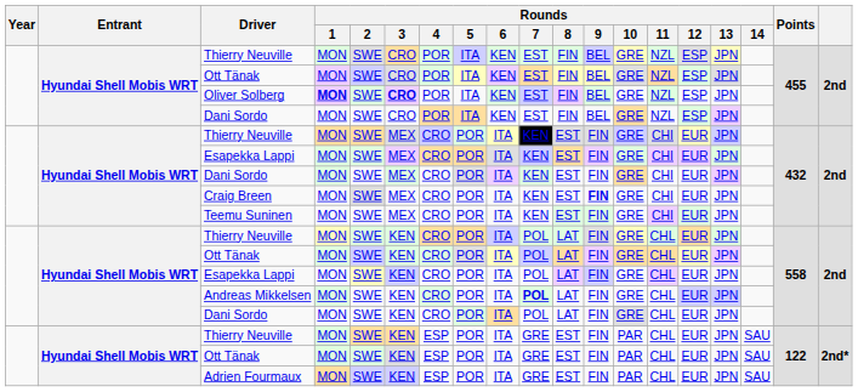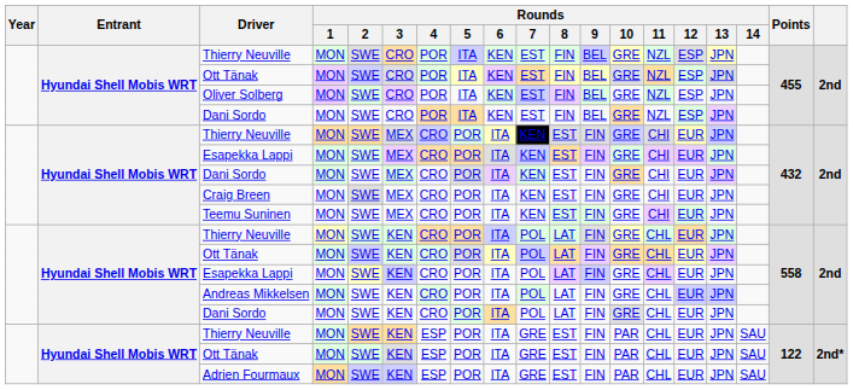 <table class="wikitable" style="text-align:center; font-size:85%;">
 <tr>
 <th rowspan="2">Year</th>
 <th rowspan="2">Entrant</th>
 <th rowspan="2">Driver</th>
 <th colspan="14">Rounds</th>
 <th rowspan="2">Points</th>
 <th rowspan="2"></th>
 </tr>
 <tr>
 <th>1</th>
 <th>2</th>
 <th>3</th>
 <th>4</th>
 <th>5</th>
 <th>6</th>
 <th>7</th>
 <th>8</th>
 <th>9</th>
 <th>10</th>
 <th>11</th>
 <th>12</th>
 <th>13</th>
 <th>14</th>
 </tr>
 <tr>
 <td rowspan="4"></td>
 <th rowspan="4"><a href='#'>Hyundai Shell Mobis WRT</a></th>
 <td style="text-align:left;"> <a href='#'>Thierry Neuville</a></td>
 <td style="background:#DFFFDF;"><a href='#'>MON</a><br></td>
 <td style="background:#DFDFDF;"><a href='#'>SWE</a><br></td>
 <td style="background:#FFDF9F;"><a href='#'>CRO</a><br></td>
 <td style="background:#DFFFDF;"><a href='#'>POR</a><br></td>
 <td style="background:#CFCFFF;"><a href='#'>ITA</a><br></td>
 <td style="background:#DFFFDF;"><a href='#'>KEN</a><br></td>
 <td style="background:#DFFFDF;"><a href='#'>EST</a><br></td>
 <td style="background:#DFFFDF;"><a href='#'>FIN</a><br></td>
 <td style="background:#CFCFFF;"><a href='#'>BEL</a><br></td>
 <td style="background:#FFFFBF;"><a href='#'>GRE</a><br></td>
 <td style="background:#DFFFDF;"><a href='#'>NZL</a><br></td>
 <td style="background:#DFDFDF;"><a href='#'>ESP</a><br></td>
 <td style="background:#FFFFBF;"><a href='#'>JPN</a><br></td>
 <td></td>
 <th style="background:#DFDFDF;" rowspan="4">455</th>
 <th style="background:#DFDFDF;" rowspan="4">2nd</th>
 </tr>
 <tr>
 <td style="text-align:left;"> <a href='#'>Ott Tänak</a></td>
 <td style="background:#EFCFFF;"><a href='#'>MON</a><br></td>
 <td style="background:#CFCFFF;"><a href='#'>SWE</a><br></td>
 <td style="background:#DFDFDF;"><a href='#'>CRO</a><br></td>
 <td style="background:#DFFFDF;"><a href='#'>POR</a><br></td>
 <td style="background:#FFFFBF;"><a href='#'>ITA</a><br></td>
 <td style="background:#EFCFFF;"><a href='#'>KEN</a><br></td>
 <td style="background:#FFDF9F;"><a href='#'>EST</a><br></td>
 <td style="background:#FFFFBF;"><a href='#'>FIN</a><br></td>
 <td style="background:#FFFFBF;"><a href='#'>BEL</a><br></td>
 <td style="background:#DFDFDF;"><a href='#'>GRE</a><br></td>
 <td style="background:#FFDF9F;"><a href='#'>NZL</a><br></td>
 <td style="background:#DFFFDF;"><a href='#'>ESP</a><br></td>
 <td style="background:#DFDFDF;"><a href='#'>JPN</a><br></td>
 <td></td>
 </tr>
 <tr>
 <td style="text-align:left;"> <a href='#'>Oliver Solberg</a></td>
-<td style="background:#EFCFFF;"><strong><a href='#'>MON</a><br></strong></td>
+<td style="background:#EFCFFF;"><a href='#'>MON</a><br></td>
 <td style="background:#DFFFDF;"><a href='#'>SWE</a><br></td>
-<td style="background:#EFCFFF;"><strong><a href='#'>CRO</a><br></strong></td>
+<td style="background:#EFCFFF;"><a href='#'>CRO</a><br></td>
 <td><a href='#'>POR</a></td>
 <td><a href='#'>ITA</a></td>
 <td style="background:#DFFFDF;"><a href='#'>KEN</a><br></td>
 <td style="background:#CFCFFF;"><a href='#'>EST</a><br></td>
 <td style="background:#EFCFFF;"><a href='#'>FIN</a><br></td>
 <td style="background:#DFFFDF;"><a href='#'>BEL</a><br></td>
 <td><a href='#'>GRE</a></td>
 <td style="background:#DFFFDF;"><a href='#'>NZL</a><br></td>
 <td><a href='#'>ESP</a></td>
 <td><a href='#'>JPN</a></td>
 <td></td>
 </tr>
 <tr>
 <td style="text-align:left;"> <a href='#'>Dani Sordo</a></td>
 <td><a href='#'>MON</a></td>
 <td><a href='#'>SWE</a></td>
 <td><a href='#'>CRO</a></td>
 <td style="background:#FFDF9F;"><a href='#'>POR</a><br></td>
 <td style="background:#FFDF9F;"><a href='#'>ITA</a><br></td>
 <td><a href='#'>KEN</a></td>
 <td><a href='#'>EST</a></td>
 <td><a href='#'>FIN</a></td>
 <td><a href='#'>BEL</a></td>
 <td style="background:#FFDF9F;"><a href='#'>GRE</a><br></td>
 <td><a href='#'>NZL</a></td>
 <td style="background:#DFFFDF;"><a href='#'>ESP</a><br></td>
 <td style="background:#EFCFFF;"><a href='#'>JPN</a><br></td>
 <td></td>
 </tr>
 <tr>
 <td rowspan="5"></td>
 <th rowspan="5"><a href='#'>Hyundai Shell Mobis WRT</a></th>
 <td style="text-align:left;"> <a href='#'>Thierry Neuville</a></td>
 <td style="background:#FFDF9F;"><a href='#'>MON</a><br></td>
 <td style="background:#FFDF9F;"><a href='#'>SWE</a><br></td>
 <td style="background:#DFDFDF;"><a href='#'>MEX</a><br></td>
 <td style="background:#CFCFFF;"><a href='#'>CRO</a><br></td>
 <td style="background:#DFFFDF;"><a href='#'>POR</a><br></td>
 <td style="background:#FFFFBF;"><a href='#'>ITA</a><br></td>
 <td style="background:#000000; color:#FFFFFF;"><a href='#'><span>KEN</span></a><br></td>
 <td style="background:#DFDFDF;"><a href='#'>EST</a><br></td>
 <td style="background:#DFDFDF;"><a href='#'>FIN</a><br></td>
 <td style="background:#CFCFFF;"><a href='#'>GRE</a><br></td>
 <td style="background:#DFDFDF;"><a href='#'>CHI</a><br></td>
 <td style="background:#FFFFBF;"><a href='#'>EUR</a><br></td>
 <td style="background:#CFCFFF;"><a href='#'>JPN</a><br></td>
 <td></td>
 <th style="background:#DFDFDF;" rowspan="5">432</th>
 <th style="background:#DFDFDF;" rowspan="5">2nd</th>
 </tr>
 <tr>
 <td style="text-align:left;"> <a href='#'>Esapekka Lappi</a></td>
 <td style="background:#DFFFDF;"><a href='#'>MON</a><br></td>
 <td style="background:#DFFFDF;"><a href='#'>SWE</a><br></td>
 <td style="background:#EFCFFF;"><a href='#'>MEX</a><br></td>
 <td style="background:#FFDF9F;"><a href='#'>CRO</a><br></td>
 <td style="background:#FFDF9F;"><a href='#'>POR</a><br></td>
 <td style="background:#DFDFDF;"><a href='#'>ITA</a><br></td>
 <td style="background:#CFCFFF;"><a href='#'>KEN</a><br></td>
 <td style="background:#FFDF9F;"><a href='#'>EST</a><br></td>
 <td style="background:#EFCFFF;"><a href='#'>FIN</a><br></td>
 <td style="background:#DFFFDF;"><a href='#'>GRE</a><br></td>
 <td style="background:#EFCFFF;"><a href='#'>CHI</a><br></td>
 <td style="background:#EFCFFF;"><a href='#'>EUR</a><br></td>
 <td style="background:#DFFFDF;"><a href='#'>JPN</a><br></td>
 <td></td>
 </tr>
 <tr>
 <td style="text-align:left;"> <a href='#'>Dani Sordo</a></td>
 <td style="background:#DFFFDF;"><a href='#'>MON</a><br></td>
 <td><a href='#'>SWE</a></td>
 <td style="background:#DFFFDF;"><a href='#'>MEX</a><br></td>
 <td><a href='#'>CRO</a></td>
 <td style="background:#DFDFDF;"><a href='#'>POR</a><br></td>
 <td style="background:#EFCFFF;"><a href='#'>ITA</a><br></td>
 <td style="background:#DFFFDF;"><a href='#'>KEN</a><br></td>
 <td><a href='#'>EST</a></td>
 <td><a href='#'>FIN</a></td>
 <td style="background:#FFDF9F;"><a href='#'>GRE</a><br></td>
 <td><a href='#'>CHI</a></td>
 <td><a href='#'>EUR</a></td>
 <td style="background:#EFCFFF;"><a href='#'>JPN</a><br></td>
 <td></td>
 </tr>
 <tr>
 <td style="text-align:left;"> <a href='#'>Craig Breen</a></td>
 <td><a href='#'>MON</a></td>
 <td style="background:#DFDFDF;"><a href='#'>SWE</a><br></td>
 <td><a href='#'>MEX</a></td>
 <td><a href='#'>CRO</a><br></td>
 <td><a href='#'>POR</a></td>
 <td><a href='#'>ITA</a></td>
 <td><a href='#'>KEN</a></td>
 <td><a href='#'>EST</a></td>
-<td><strong><a href='#'>FIN</a></strong></td>
+<td><a href='#'>FIN</a></td>
 <td><a href='#'>GRE</a></td>
 <td><a href='#'>CHI</a></td>
 <td><a href='#'>EUR</a></td>
 <td><a href='#'>JPN</a></td>
 <td></td>
 </tr>
 <tr>
 <td style="text-align:left;"> <a href='#'>Teemu Suninen</a></td>
 <td><a href='#'>MON</a></td>
 <td><a href='#'>SWE</a></td>
 <td><a href='#'>MEX</a></td>
 <td><a href='#'>CRO</a></td>
 <td><a href='#'>POR</a></td>
 <td><a href='#'>ITA</a></td>
 <td><a href='#'>KEN</a></td>
 <td style="background:#DFFFDF;"><a href='#'>EST</a><br></td>
 <td style="background:#DFFFDF;"><a href='#'>FIN</a><br></td>
 <td><a href='#'>GRE</a></td>
 <td style="background:#EFCFFF;"><a href='#'>CHI</a><br></td>
 <td style="background:#DFFFDF;"><a href='#'>EUR</a><br></td>
 <td><a href='#'>JPN</a></td>
 <td></td>
 </tr>
 <tr>
 <td rowspan="5"></td>
 <th rowspan="5"><a href='#'>Hyundai Shell Mobis WRT</a></th>
 <td style="text-align:left;"> <a href='#'>Thierry Neuville</a></td>
 <td style="background:#FFFFBF;"><a href='#'>MON</a><br></td>
 <td style="background:#DFFFDF;"><a href='#'>SWE</a><br></td>
 <td style="background:#DFFFDF;"><a href='#'>KEN</a><br></td>
 <td style="background:#FFDF9F;"><a href='#'>CRO</a><br></td>
 <td style="background:#FFDF9F;"><a href='#'>POR</a><br></td>
 <td style="background:#CFCFFF;"><a href='#'>ITA</a><br></td>
 <td style="background:#DFFFDF;"><a href='#'>POL</a><br></td>
 <td style="background:#DFFFDF;"><a href='#'>LAT</a><br></td>
 <td style="background:#DFDFDF;"><a href='#'>FIN</a><br></td>
 <td style="background:#FFFFBF;"><a href='#'>GRE</a><br></td>
 <td style="background:#DFFFDF;"><a href='#'>CHL</a><br></td>
 <td style="background:#FFDF9F;"><a href='#'>EUR</a><br> </td>
 <td style="background:#DFFFDF;"><a href='#'>JPN</a><br></td>
 <td></td>
 <th style="background:#DFDFDF;" rowspan="5">558</th>
 <th style="background:#DFDFDF;" rowspan="5">2nd</th>
 </tr>
 <tr>
 <td style="text-align:left;"> <a href='#'>Ott Tänak</a></td>
 <td style="background:#DFFFDF;"><a href='#'>MON</a><br></td>
 <td style="background:#CFCFFF;"><a href='#'>SWE</a><br></td>
 <td style="background:#DFFFDF;"><a href='#'>KEN</a><br></td>
 <td style="background:#DFFFDF;"><a href='#'>CRO</a><br></td>
 <td style="background:#DFDFDF;"><a href='#'>POR</a><br></td>
 <td style="background:#FFFFBF;"><a href='#'>ITA</a><br></td>
 <td style="background:#CFCFFF;"><a href='#'>POL</a><br></td>
 <td style="background:#FFDF9F;"><a href='#'>LAT</a><br></td>
 <td style="background:#EFCFFF;"><a href='#'>FIN</a><br></td>
 <td style="background:#FFDF9F;"><a href='#'>GRE</a><br></td>
 <td style="background:#FFDF9F;"><a href='#'>CHL</a><br></td>
 <td style="background:#FFFFBF;"><a href='#'>EUR</a><br></td>
 <td style="background:#EFCFFF;"><a href='#'>JPN</a><br></td>
 <td></td>
 </tr>
 <tr>
 <td style="text-align:left;"> <a href='#'>Esapekka Lappi</a></td>
 <td><a href='#'>MON</a></td>
 <td style="background:#FFFFBF;"><a href='#'>SWE</a><br></td>
 <td style="background:#CFCFFF;"><a href='#'>KEN</a><br></td>
 <td><a href='#'>CRO</a></td>
 <td><a href='#'>POR</a></td>
 <td><a href='#'>ITA</a></td>
 <td><a href='#'>POL</a></td>
 <td style="background:#EFCFFF;"><a href='#'>LAT</a><br></td>
 <td style="background:#CFCFFF;"><a href='#'>FIN</a><br></td>
 <td><a href='#'>GRE</a></td>
 <td style="background:#EFCFFF;"><a href='#'>CHL</a><br></td>
 <td><a href='#'>EUR</a></td>
 <td><a href='#'>JPN</a></td>
 <td></td>
 </tr>
 <tr>
 <td style="text-align:left;"> <a href='#'>Andreas Mikkelsen</a></td>
 <td style="background:#DFFFDF;"><a href='#'>MON</a><br></td>
 <td><a href='#'>SWE</a></td>
 <td><a href='#'>KEN</a></td>
 <td style="background:#DFFFDF;"><a href='#'>CRO</a><br></td>
 <td><a href='#'>POR</a></td>
 <td><a href='#'>ITA</a></td>
-<td style="background:#DFFFDF;"><strong><a href='#'>POL</a><br></strong></td>
+<td style="background:#DFFFDF;"><a href='#'>POL</a><br></td>
 <td><a href='#'>LAT</a></td>
 <td><a href='#'>FIN</a></td>
 <td><a href='#'>GRE</a></td>
 <td><a href='#'>CHL</a></td>
 <td style="background:#CFCFFF;"><a href='#'>EUR</a><br></td>
 <td style="background:#CFCFFF;"><a href='#'>JPN</a><br></td>
 <td></td>
 </tr>
 <tr>
 <td style="text-align:left;"> <a href='#'>Dani Sordo</a></td>
 <td><a href='#'>MON</a></td>
 <td><a href='#'>SWE</a></td>
 <td><a href='#'>KEN</a></td>
 <td><a href='#'>CRO</a></td>
 <td style="background:#DFFFDF;"><a href='#'>POR</a><br></td>
 <td style="background:#FFDF9F;"><a href='#'>ITA</a><br></td>
 <td><a href='#'>POL</a></td>
 <td><a href='#'>LAT</a></td>
 <td><a href='#'>FIN</a></td>
 <td style="background:#DFDFDF;"><a href='#'>GRE</a><br></td>
 <td><a href='#'>CHL</a></td>
 <td><a href='#'>EUR</a></td>
 <td><a href='#'>JPN</a></td>
 <td></td>
 </tr>
 <tr>
 <td rowspan="3"></td>
 <th rowspan="3"><a href='#'>Hyundai Shell Mobis WRT</a></th>
 <td style="text-align:left;"> <a href='#'>Thierry Neuville</a></td>
 <td style="background:#DFFFDF;"><a href='#'>MON</a><br></td>
 <td style="background:#FFDF9F;"><a href='#'>SWE</a><br></td>
 <td style="background:#FFDF9F;"><a href='#'>KEN</a><br></td>
 <td style="background:#;"><a href='#'>ESP</a><br></td>
 <td style="background:#;"><a href='#'>POR</a><br></td>
 <td style="background:#;"><a href='#'>ITA</a><br></td>
 <td style="background:#;"><a href='#'>GRE</a><br></td>
 <td style="background:#;"><a href='#'>EST</a><br></td>
 <td style="background:#;"><a href='#'>FIN</a><br></td>
 <td style="background:#;"><a href='#'>PAR</a><br></td>
 <td style="background:#;"><a href='#'>CHL</a><br></td>
 <td style="background:#;"><a href='#'>EUR</a><br></td>
 <td style="background:#;"><a href='#'>JPN</a><br></td>
 <td style="background:#;"><a href='#'>SAU</a><br></td>
 <th style="background:#DFDFDF;" rowspan="3">122</th>
 <th style="background:#DFDFDF;" rowspan="3">2nd*</th>
 </tr>
 <tr>
 <td style="text-align:left;"> <a href='#'>Ott Tänak</a></td>
 <td style="background:#DFFFDF;"><a href='#'>MON</a><br></td>
 <td style="background:#DFFFDF;"><a href='#'>SWE</a><br></td>
 <td style="background:#DFDFDF;"><a href='#'>KEN</a><br></td>
 <td style="background:#;"><a href='#'>ESP</a><br></td>
 <td style="background:#;"><a href='#'>POR</a><br></td>
 <td style="background:#;"><a href='#'>ITA</a><br></td>
 <td style="background:#;"><a href='#'>GRE</a><br></td>
 <td style="background:#;"><a href='#'>EST</a><br></td>
 <td style="background:#;"><a href='#'>FIN</a><br></td>
 <td style="background:#;"><a href='#'>PAR</a><br></td>
 <td style="background:#;"><a href='#'>CHL</a><br></td>
 <td style="background:#;"><a href='#'>EUR</a><br></td>
 <td style="background:#;"><a href='#'>JPN</a><br></td>
 <td style="background:#;"><a href='#'>SAU</a><br></td>
 </tr>
 <tr>
 <td style="text-align:left;"> <a href='#'>Adrien Fourmaux</a></td>
 <td style="background:#FFDF9F;"><a href='#'>MON</a><br></td>
 <td style="background:#CFCFFF;"><a href='#'>SWE</a><br></td>
 <td style="background:#CFCFFF;"><a href='#'>KEN</a><br></td>
 <td style="background:#;"><a href='#'>ESP</a><br></td>
 <td style="background:#;"><a href='#'>POR</a><br></td>
 <td style="background:#;"><a href='#'>ITA</a><br></td>
 <td style="background:#;"><a href='#'>GRE</a><br></td>
 <td style="background:#;"><a href='#'>EST</a><br></td>
 <td style="background:#;"><a href='#'>FIN</a><br></td>
 <td style="background:#;"><a href='#'>PAR</a><br></td>
 <td style="background:#;"><a href='#'>CHL</a><br></td>
 <td style="background:#;"><a href='#'>EUR</a><br></td>
 <td style="background:#;"><a href='#'>JPN</a><br></td>
 <td style="background:#;"><a href='#'>SAU</a><br></td>
 </tr>
 </table>
